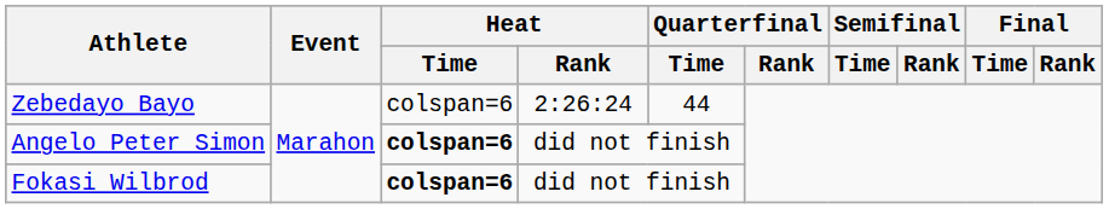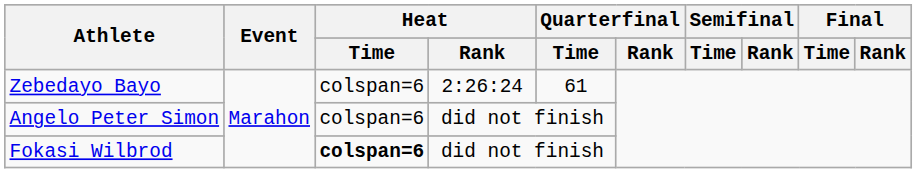 <table class=wikitable style=font-size:90%>
 <tr>
 <th rowspan="2">Athlete</th>
 <th rowspan="2">Event</th>
 <th colspan="2">Heat</th>
 <th colspan="2">Quarterfinal</th>
 <th colspan="2">Semifinal</th>
 <th colspan="2">Final</th>
 </tr>
 <tr>
 <th>Time</th>
 <th>Rank</th>
 <th>Time</th>
 <th>Rank</th>
 <th>Time</th>
 <th>Rank</th>
 <th>Time</th>
 <th>Rank</th>
 </tr>
 <tr>
 <td><a href='#'>Zebedayo Bayo</a></td>
 <td rowspan=3><a href='#'>Marahon</a></td>
 <td>colspan=6 </td>
 <td align=center>2:26:24</td>
-<td align=center>44</td>
+<td align=center>61</td>
 </tr>
 <tr>
 <td><a href='#'>Angelo Peter Simon</a></td>
-<td><strong>colspan=6 </strong></td>
+<td>colspan=6 </td>
 <td align=center colspan=2>did not finish</td>
 </tr>
 <tr>
 <td><a href='#'>Fokasi Wilbrod</a></td>
 <td><strong>colspan=6 </strong></td>
 <td align=center colspan=2>did not finish</td>
 </tr>
 </table>
